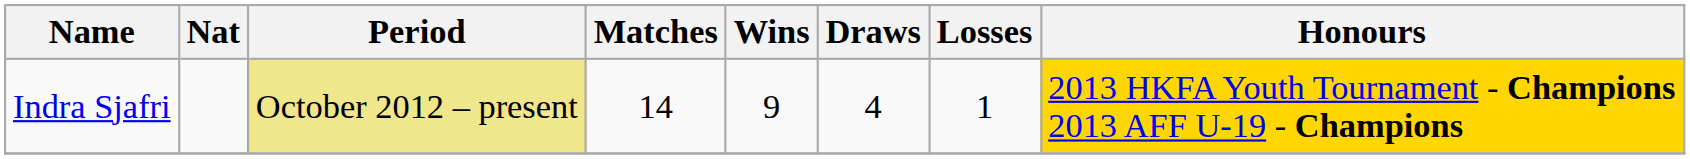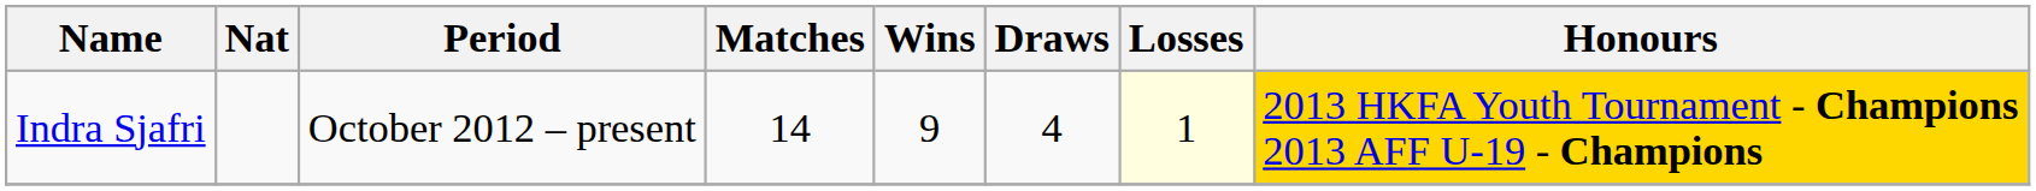 <table class="wikitable">
 <tr>
 <th>Name</th>
 <th>Nat</th>
 <th>Period</th>
 <th>Matches</th>
 <th>Wins</th>
 <th>Draws</th>
 <th>Losses</th>
 <th>Honours</th>
 </tr>
 <tr>
 <td><a href='#'>Indra Sjafri</a></td>
 <td align="center"></td>
-<td align="center" style="background: khaki;">October 2012 – present</td>
+<td align="center">October 2012 – present</td>
 <td align="center">14</td>
 <td align="center">9</td>
 <td align="center">4</td>
-<td align="center">1</td>
+<td align="center" style="background: lightyellow;">1</td>
 <td style=background:gold><a href='#'>2013 HKFA Youth Tournament</a> - <strong>Champions</strong> <br> <a href='#'>2013 AFF U-19</a> - <strong>Champions</strong></td>
 </tr>
 <tr>
 </tr>
 </table>
